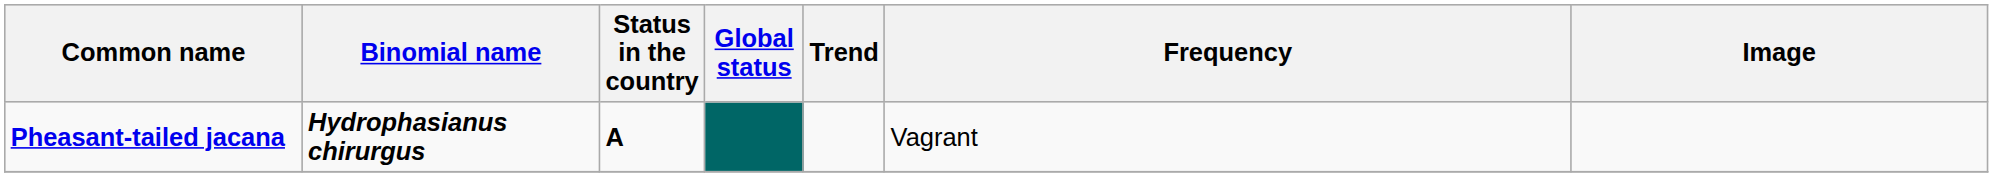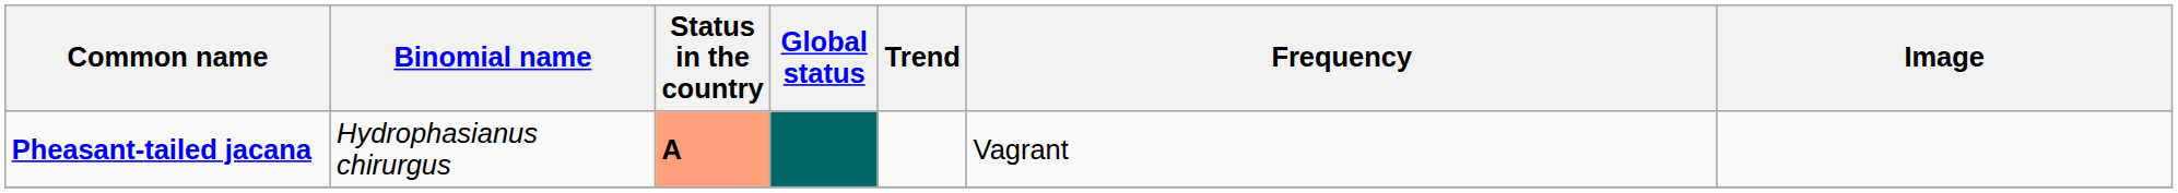 <table class="wikitable sortable">
 <tr>
 <th width="15%">Common name</th>
 <th width="15%"><a href='#'>Binomial name</a></th>
 <th data-sort-type="number" width="1%">Status in the country</th>
 <th width="5%"><a href='#'>Global status</a></th>
 <th width="1%">Trend</th>
 <th class="unsortable">Frequency</th>
 <th class="unsortable">Image</th>
 </tr>
 <tr>
 <td><strong><a href='#'>Pheasant-tailed jacana</a></strong></td>
-<td><strong><em>Hydrophasianus chirurgus</em></strong></td>
-<td><strong>A</strong></td>
+<td><em>Hydrophasianus chirurgus</em></td>
+<td style="background: lightsalmon;"><strong>A</strong></td>
 <td align=center style="background: #006666"></td>
 <td align=center></td>
 <td>Vagrant</td>
 <td></td>
 </tr>
 <tr>
 </tr>
 </table>
